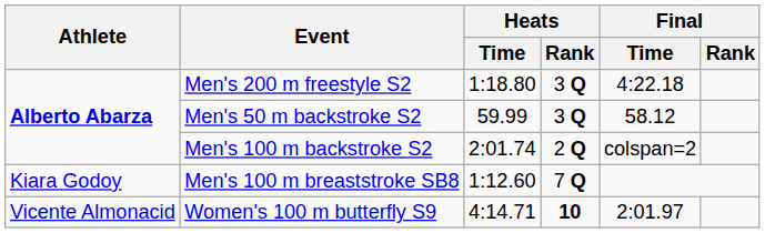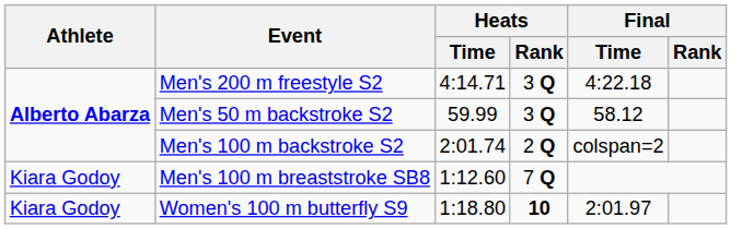 <table class=wikitable style="font-size:90%">
 <tr>
 <th rowspan="2">Athlete</th>
 <th rowspan="2">Event</th>
 <th colspan="2">Heats</th>
 <th colspan="2">Final</th>
 </tr>
 <tr>
 <th>Time</th>
 <th>Rank</th>
 <th>Time</th>
 <th>Rank</th>
 </tr>
 <tr align=center>
 <td rowspan=3 align=left><strong><a href='#'>Alberto Abarza</a></strong></td>
 <td align=left><a href='#'>Men's 200 m freestyle S2</a></td>
-<td>1:18.80</td>
+<td>4:14.71</td>
 <td>3 <strong>Q</strong></td>
 <td>4:22.18</td>
 <td></td>
 </tr>
 <tr align=center>
 <td align=left><a href='#'>Men's 50 m backstroke S2</a></td>
 <td>59.99</td>
 <td>3 <strong>Q</strong></td>
 <td>58.12</td>
 <td></td>
 </tr>
 <tr align=center>
 <td align=left><a href='#'>Men's 100 m backstroke S2</a></td>
 <td>2:01.74</td>
 <td>2 <strong>Q</strong></td>
 <td>colspan=2 </td>
 <td></td>
 </tr>
 <tr align=center>
 <td align=left><a href='#'>Kiara Godoy</a></td>
 <td align=left><a href='#'>Men's 100 m breaststroke SB8</a></td>
 <td>1:12.60</td>
 <td>7 <strong>Q</strong></td>
 <td colspan=2></td>
 </tr>
 <tr align=center>
-<td align=left><a href='#'>Vicente Almonacid</a></td>
+<td align=left><a href='#'>Kiara Godoy</a></td>
 <td align=left><a href='#'>Women's 100 m butterfly S9</a></td>
-<td>4:14.71</td>
+<td>1:18.80</td>
 <td><strong>10</strong></td>
 <td>2:01.97</td>
 </tr>
 </table>
